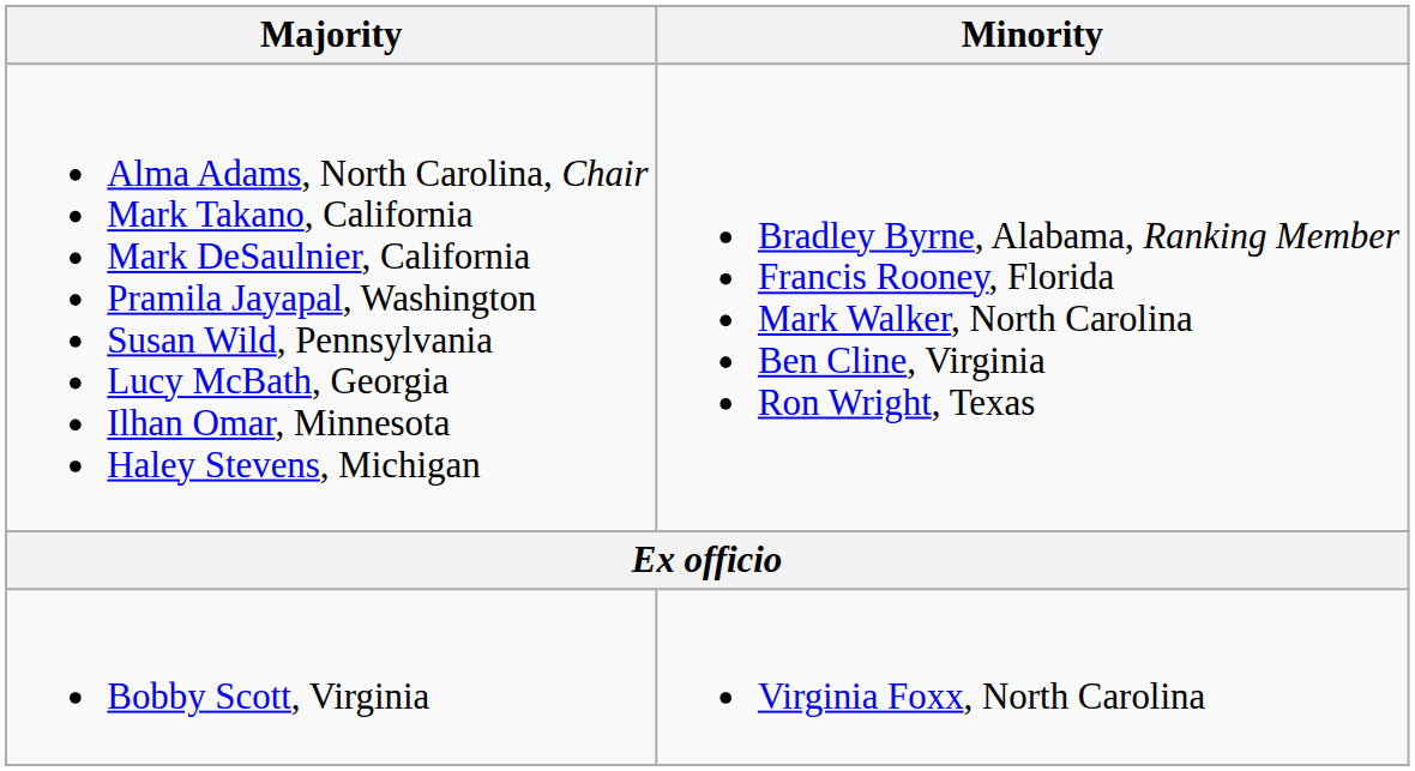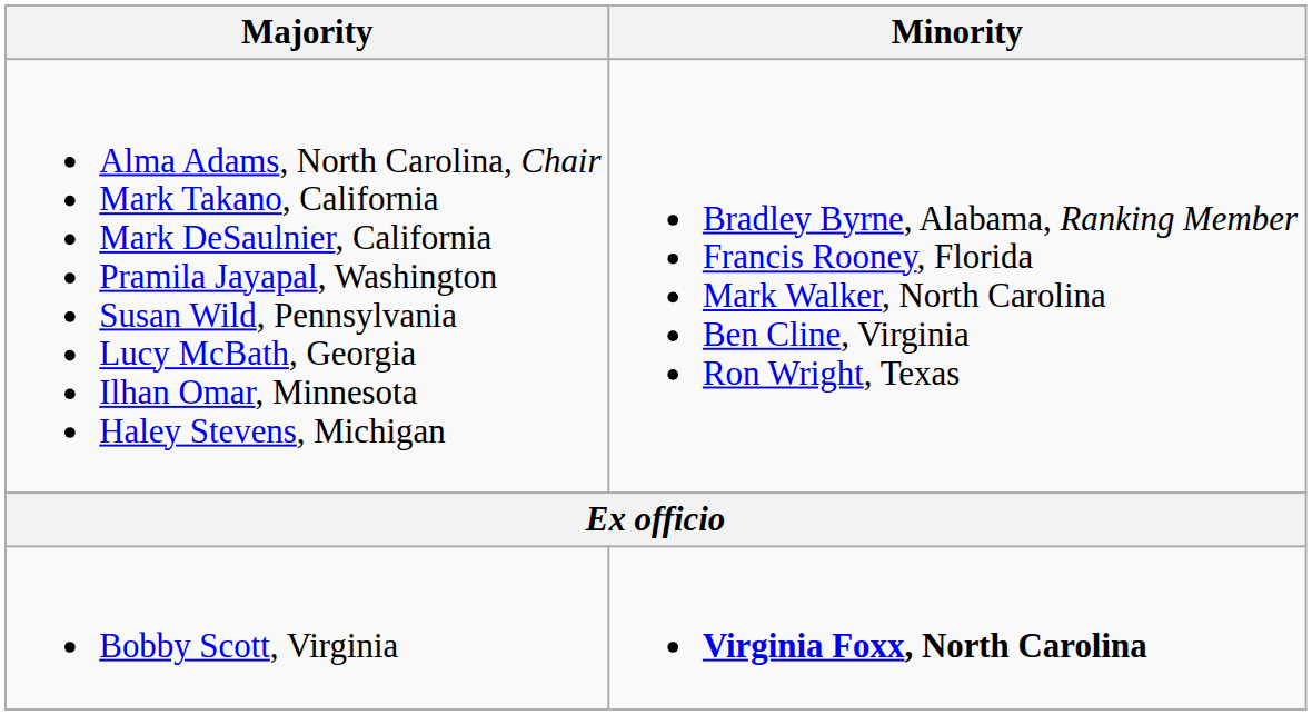 <table class=wikitable>
 <tr>
 <th>Majority</th>
 <th>Minority</th>
 </tr>
 <tr>
 <td><br><ul><li><a href='#'>Alma Adams</a>, North Carolina, <em>Chair</em></li><li><a href='#'>Mark Takano</a>, California</li><li><a href='#'>Mark DeSaulnier</a>, California</li><li><a href='#'>Pramila Jayapal</a>, Washington</li><li><a href='#'>Susan Wild</a>, Pennsylvania</li><li><a href='#'>Lucy McBath</a>, Georgia</li><li><a href='#'>Ilhan Omar</a>, Minnesota</li><li><a href='#'>Haley Stevens</a>, Michigan</li></ul></td>
 <td><br><ul><li><a href='#'>Bradley Byrne</a>, Alabama, <em>Ranking Member</em></li><li><a href='#'>Francis Rooney</a>, Florida</li><li><a href='#'>Mark Walker</a>, North Carolina</li><li><a href='#'>Ben Cline</a>, Virginia</li><li><a href='#'>Ron Wright</a>, Texas</li></ul></td>
 </tr>
 <tr>
 <th colspan=2><em>Ex officio</em></th>
 </tr>
 <tr>
 <td><br><ul><li><a href='#'>Bobby Scott</a>, Virginia</li></ul></td>
-<td><br><ul><li><a href='#'>Virginia Foxx</a>, North Carolina</li></ul></td>
+<td><strong><br><ul><li><a href='#'>Virginia Foxx</a>, North Carolina</li></ul></strong></td>
 </tr>
 </table>
